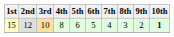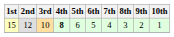 <table class="wikitable" style="font-size:85%; text-align:center;">
 <tr>
 <th>1st</th>
 <th>2nd</th>
 <th>3rd</th>
 <th>4th</th>
 <th>5th</th>
 <th>6th</th>
 <th>7th</th>
 <th>8th</th>
 <th>9th</th>
 <th>10th</th>
 </tr>
 <tr>
 <td style="background:#ffffbf;">15</td>
 <td style="background:#dfdfdf;">12</td>
 <td style="background:#ffdf9f;">10</td>
-<td style="background:#dfffdf;">8</td>
+<td style="background:#dfffdf;"><strong>8</strong></td>
 <td style="background:#dfffdf;">6</td>
 <td style="background:#dfffdf;">5</td>
 <td style="background:#dfffdf;">4</td>
 <td style="background:#dfffdf;">3</td>
 <td style="background:#dfffdf;">2</td>
-<td style="background:#dfffdf;"><strong>1</strong></td>
+<td style="background:#dfffdf;">1</td>
 </tr>
 <tr>
 </tr>
 </table>
